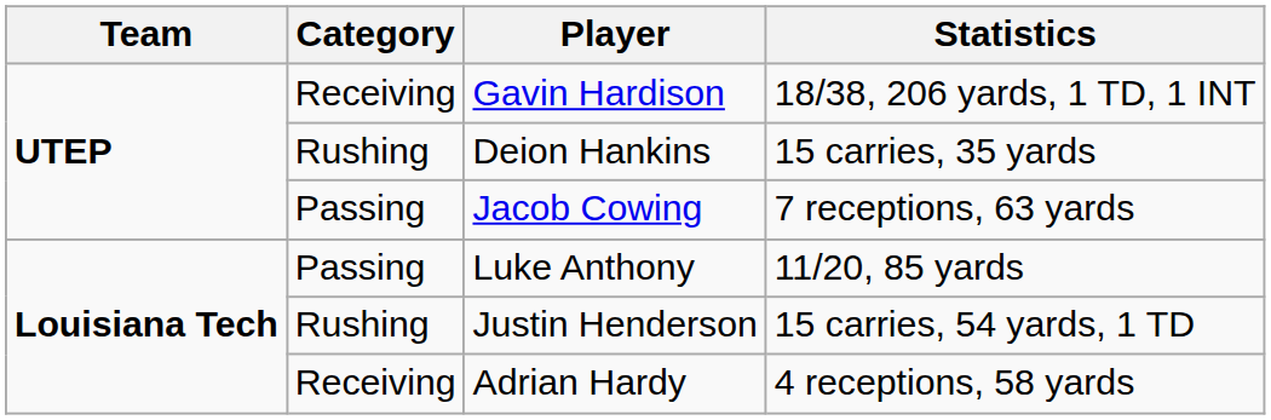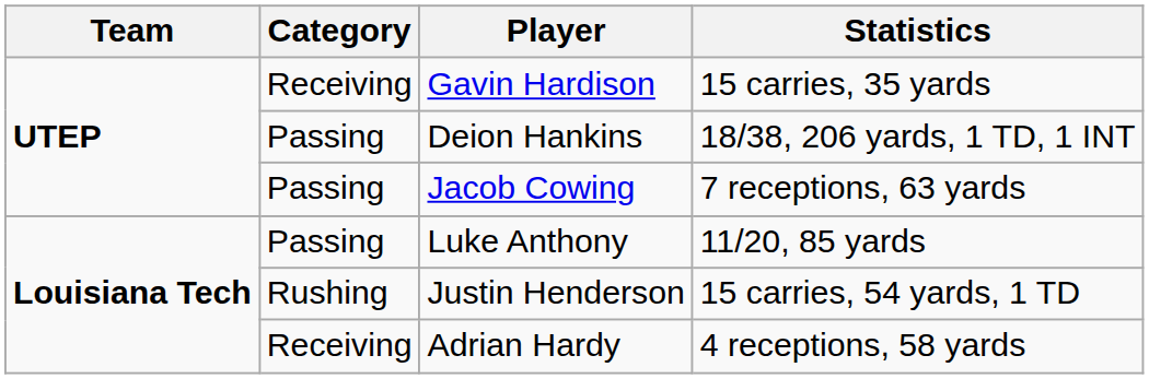 <table class="wikitable" style="float: left;">
 <tr>
 <th>Team</th>
 <th>Category</th>
 <th>Player</th>
 <th>Statistics</th>
 </tr>
 <tr>
 <td rowspan=3><strong>UTEP</strong></td>
 <td>Receiving</td>
 <td><a href='#'>Gavin Hardison</a></td>
-<td>18/38, 206 yards, 1 TD, 1 INT</td>
+<td>15 carries, 35 yards</td>
 </tr>
 <tr>
-<td>Rushing</td>
+<td>Passing</td>
 <td>Deion Hankins</td>
-<td>15 carries, 35 yards</td>
+<td>18/38, 206 yards, 1 TD, 1 INT</td>
 </tr>
 <tr>
 <td>Passing</td>
 <td><a href='#'>Jacob Cowing</a></td>
 <td>7 receptions, 63 yards</td>
 </tr>
 <tr>
 <td rowspan=3><strong>Louisiana Tech</strong></td>
 <td>Passing</td>
 <td>Luke Anthony</td>
 <td>11/20, 85 yards</td>
 </tr>
 <tr>
 <td>Rushing</td>
 <td>Justin Henderson</td>
 <td>15 carries, 54 yards, 1 TD</td>
 </tr>
 <tr>
 <td>Receiving</td>
 <td>Adrian Hardy</td>
 <td>4 receptions, 58 yards</td>
 </tr>
 </table>
